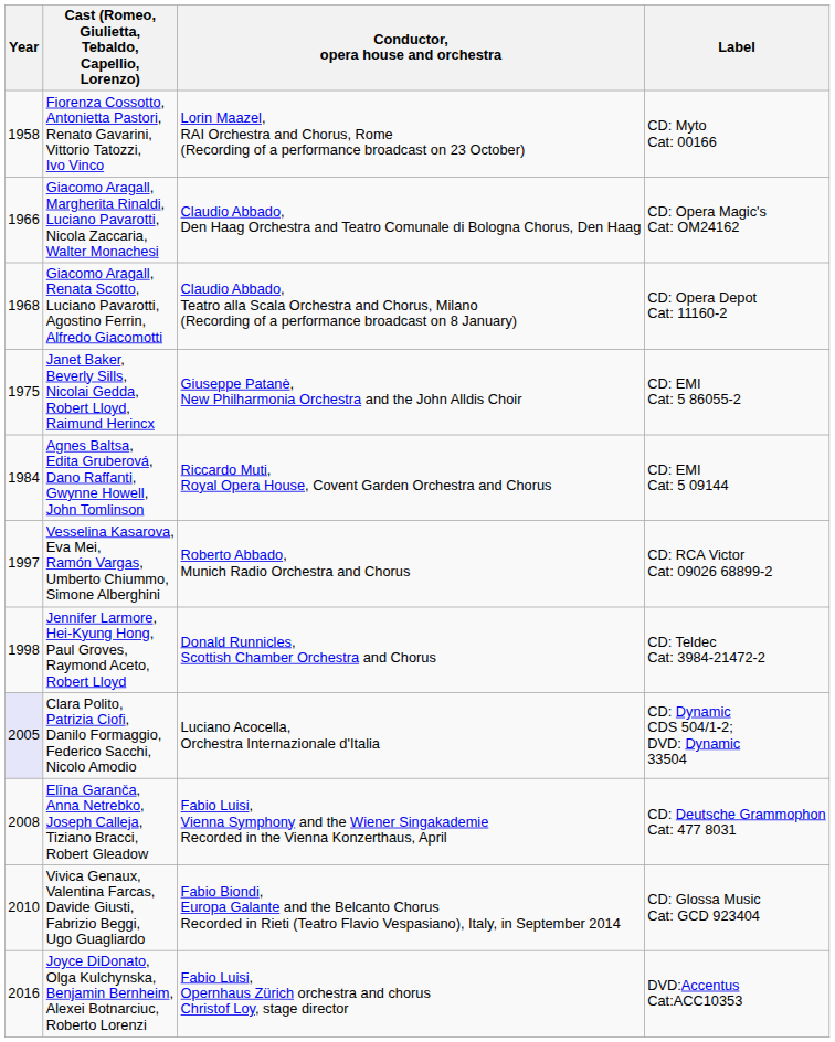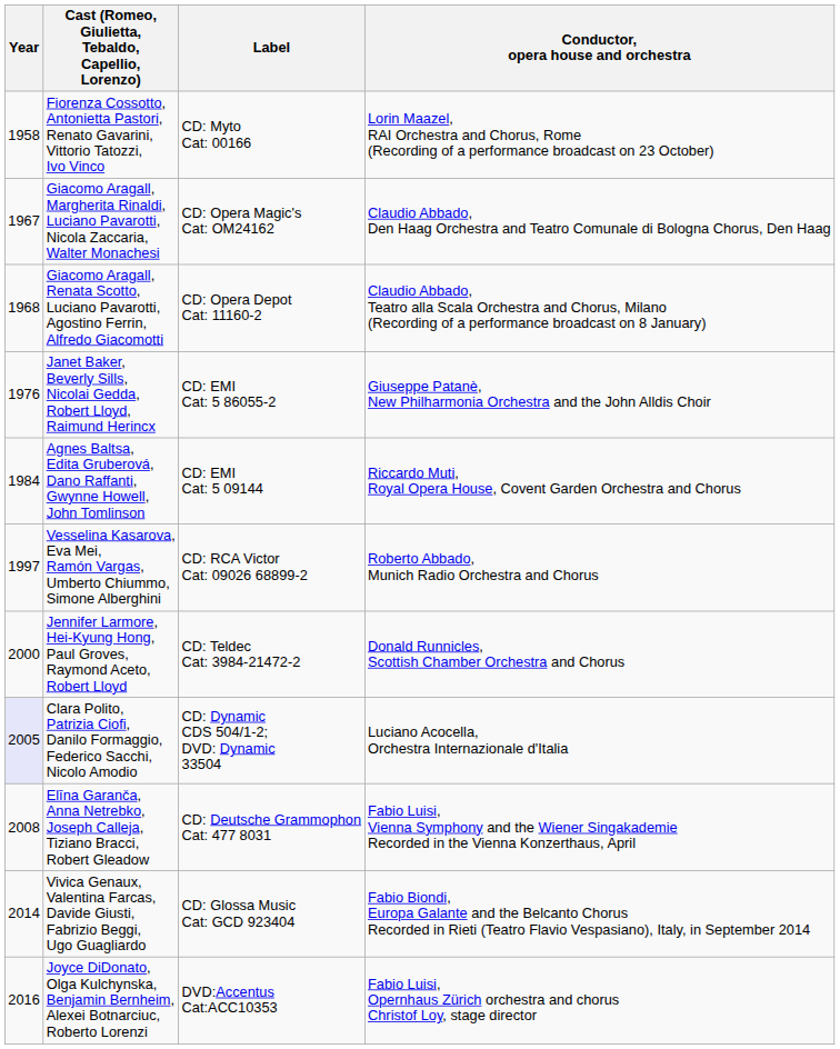 <table class="wikitable">
 <tr>
 <th>Year</th>
 <th>Cast (Romeo,<br>Giulietta,<br>Tebaldo,<br>Capellio,<br>Lorenzo)</th>
+<th>Label</th>
 <th>Conductor,<br>opera house and orchestra</th>
-<th>Label</th>
 </tr>
 <tr>
 <td>1958</td>
 <td><a href='#'>Fiorenza Cossotto</a>, <br><a href='#'>Antonietta Pastori</a>,<br>Renato Gavarini,<br>Vittorio Tatozzi,<br><a href='#'>Ivo Vinco</a></td>
+<td>CD: Myto<br>Cat: 00166</td>
 <td><a href='#'>Lorin Maazel</a>,<br>RAI Orchestra and Chorus, Rome<br>(Recording of a performance broadcast on 23 October)</td>
-<td>CD: Myto<br>Cat: 00166</td>
 </tr>
 <tr>
-<td>1966</td>
+<td>1967</td>
 <td><a href='#'>Giacomo Aragall</a>, <br><a href='#'>Margherita Rinaldi</a>,<br><a href='#'>Luciano Pavarotti</a>,<br>Nicola Zaccaria,<br><a href='#'>Walter Monachesi</a></td>
+<td>CD: Opera Magic's<br>Cat: OM24162</td>
 <td><a href='#'>Claudio Abbado</a>,<br>Den Haag Orchestra and Teatro Comunale di Bologna Chorus, Den Haag<br></td>
-<td>CD: Opera Magic's<br>Cat: OM24162</td>
 </tr>
 <tr>
 <td>1968</td>
 <td><a href='#'>Giacomo Aragall</a>, <br><a href='#'>Renata Scotto</a>,<br>Luciano Pavarotti,<br>Agostino Ferrin,<br><a href='#'>Alfredo Giacomotti</a></td>
+<td>CD: Opera Depot<br>Cat: 11160-2</td>
 <td><a href='#'>Claudio Abbado</a>,<br>Teatro alla Scala Orchestra and Chorus, Milano<br>(Recording of a performance broadcast on 8 January)</td>
-<td>CD: Opera Depot<br>Cat: 11160-2</td>
 </tr>
 <tr>
-<td>1975</td>
+<td>1976</td>
 <td><a href='#'>Janet Baker</a>,<br><a href='#'>Beverly Sills</a>,<br><a href='#'>Nicolai Gedda</a>,<br><a href='#'>Robert Lloyd</a>,<br><a href='#'>Raimund Herincx</a></td>
+<td>CD: EMI<br>Cat: 5 86055-2</td>
 <td><a href='#'>Giuseppe Patanè</a>,<br><a href='#'>New Philharmonia Orchestra</a> and the John Alldis Choir</td>
-<td>CD: EMI<br>Cat: 5 86055-2</td>
 </tr>
 <tr>
 <td>1984</td>
 <td><a href='#'>Agnes Baltsa</a>, <br> <a href='#'>Edita Gruberová</a>,<br><a href='#'>Dano Raffanti</a>,<br><a href='#'>Gwynne Howell</a>,<br><a href='#'>John Tomlinson</a></td>
+<td>CD: EMI<br>Cat: 5 09144</td>
 <td><a href='#'>Riccardo Muti</a>,<br><a href='#'>Royal Opera House</a>, Covent Garden Orchestra and Chorus</td>
-<td>CD: EMI<br>Cat: 5 09144</td>
 </tr>
 <tr>
 <td>1997</td>
 <td><a href='#'>Vesselina Kasarova</a>,<br>Eva Mei,<br><a href='#'>Ramón Vargas</a>,<br>Umberto Chiummo,<br>Simone Alberghini</td>
+<td>CD: RCA Victor<br>Cat: 09026 68899-2</td>
 <td><a href='#'>Roberto Abbado</a>,<br>Munich Radio Orchestra and Chorus</td>
-<td>CD: RCA Victor<br>Cat: 09026 68899-2</td>
 </tr>
 <tr>
-<td>1998</td>
+<td>2000</td>
 <td><a href='#'>Jennifer Larmore</a>,<br><a href='#'>Hei-Kyung Hong</a>,<br>Paul Groves,<br>Raymond Aceto,<br><a href='#'>Robert Lloyd</a></td>
+<td>CD: Teldec<br>Cat: 3984-21472-2</td>
 <td><a href='#'>Donald Runnicles</a>,<br><a href='#'>Scottish Chamber Orchestra</a> and Chorus</td>
-<td>CD: Teldec<br>Cat: 3984-21472-2</td>
 </tr>
 <tr>
 <td style="background: lavender;">2005</td>
 <td>Clara Polito,<br><a href='#'>Patrizia Ciofi</a>,<br>Danilo Formaggio,<br>Federico Sacchi,<br>Nicolo Amodio</td>
+<td>CD: <a href='#'>Dynamic</a><br>CDS 504/1-2;<br>DVD: <a href='#'>Dynamic</a><br> 33504</td>
 <td>Luciano Acocella,<br>Orchestra Internazionale d'Italia</td>
-<td>CD: <a href='#'>Dynamic</a><br>CDS 504/1-2;<br>DVD: <a href='#'>Dynamic</a><br> 33504</td>
 </tr>
 <tr>
 <td>2008</td>
 <td><a href='#'>Elīna Garanča</a>,<br><a href='#'>Anna Netrebko</a>,<br><a href='#'>Joseph Calleja</a>,<br>Tiziano Bracci,<br>Robert Gleadow</td>
+<td>CD: <a href='#'>Deutsche Grammophon</a><br>Cat: 477 8031</td>
 <td><a href='#'>Fabio Luisi</a>,<br><a href='#'>Vienna Symphony</a> and the <a href='#'>Wiener Singakademie</a><br>Recorded in the Vienna Konzerthaus, April</td>
-<td>CD: <a href='#'>Deutsche Grammophon</a><br>Cat: 477 8031</td>
 </tr>
 <tr>
-<td>2010</td>
+<td>2014</td>
 <td>Vivica Genaux,<br>Valentina Farcas,<br>Davide Giusti,<br>Fabrizio Beggi,<br>Ugo Guagliardo</td>
+<td>CD: Glossa Music<br>Cat: GCD 923404</td>
 <td><a href='#'>Fabio Biondi</a>,<br><a href='#'>Europa Galante</a> and the Belcanto Chorus<br>Recorded in Rieti (Teatro Flavio Vespasiano), Italy, in September 2014</td>
-<td>CD: Glossa Music<br>Cat: GCD 923404</td>
 </tr>
 <tr>
 <td>2016</td>
 <td><a href='#'>Joyce DiDonato</a>,<br>Olga Kulchynska,<br><a href='#'>Benjamin Bernheim</a>,<br>Alexei Botnarciuc, <br>Roberto Lorenzi</td>
+<td>DVD:<a href='#'>Accentus</a><br>Cat:ACC10353</td>
 <td><a href='#'>Fabio Luisi</a>,<br><a href='#'>Opernhaus Zürich</a> orchestra and chorus<br><a href='#'>Christof Loy</a>, stage director</td>
-<td>DVD:<a href='#'>Accentus</a><br>Cat:ACC10353</td>
 </tr>
 </table>
